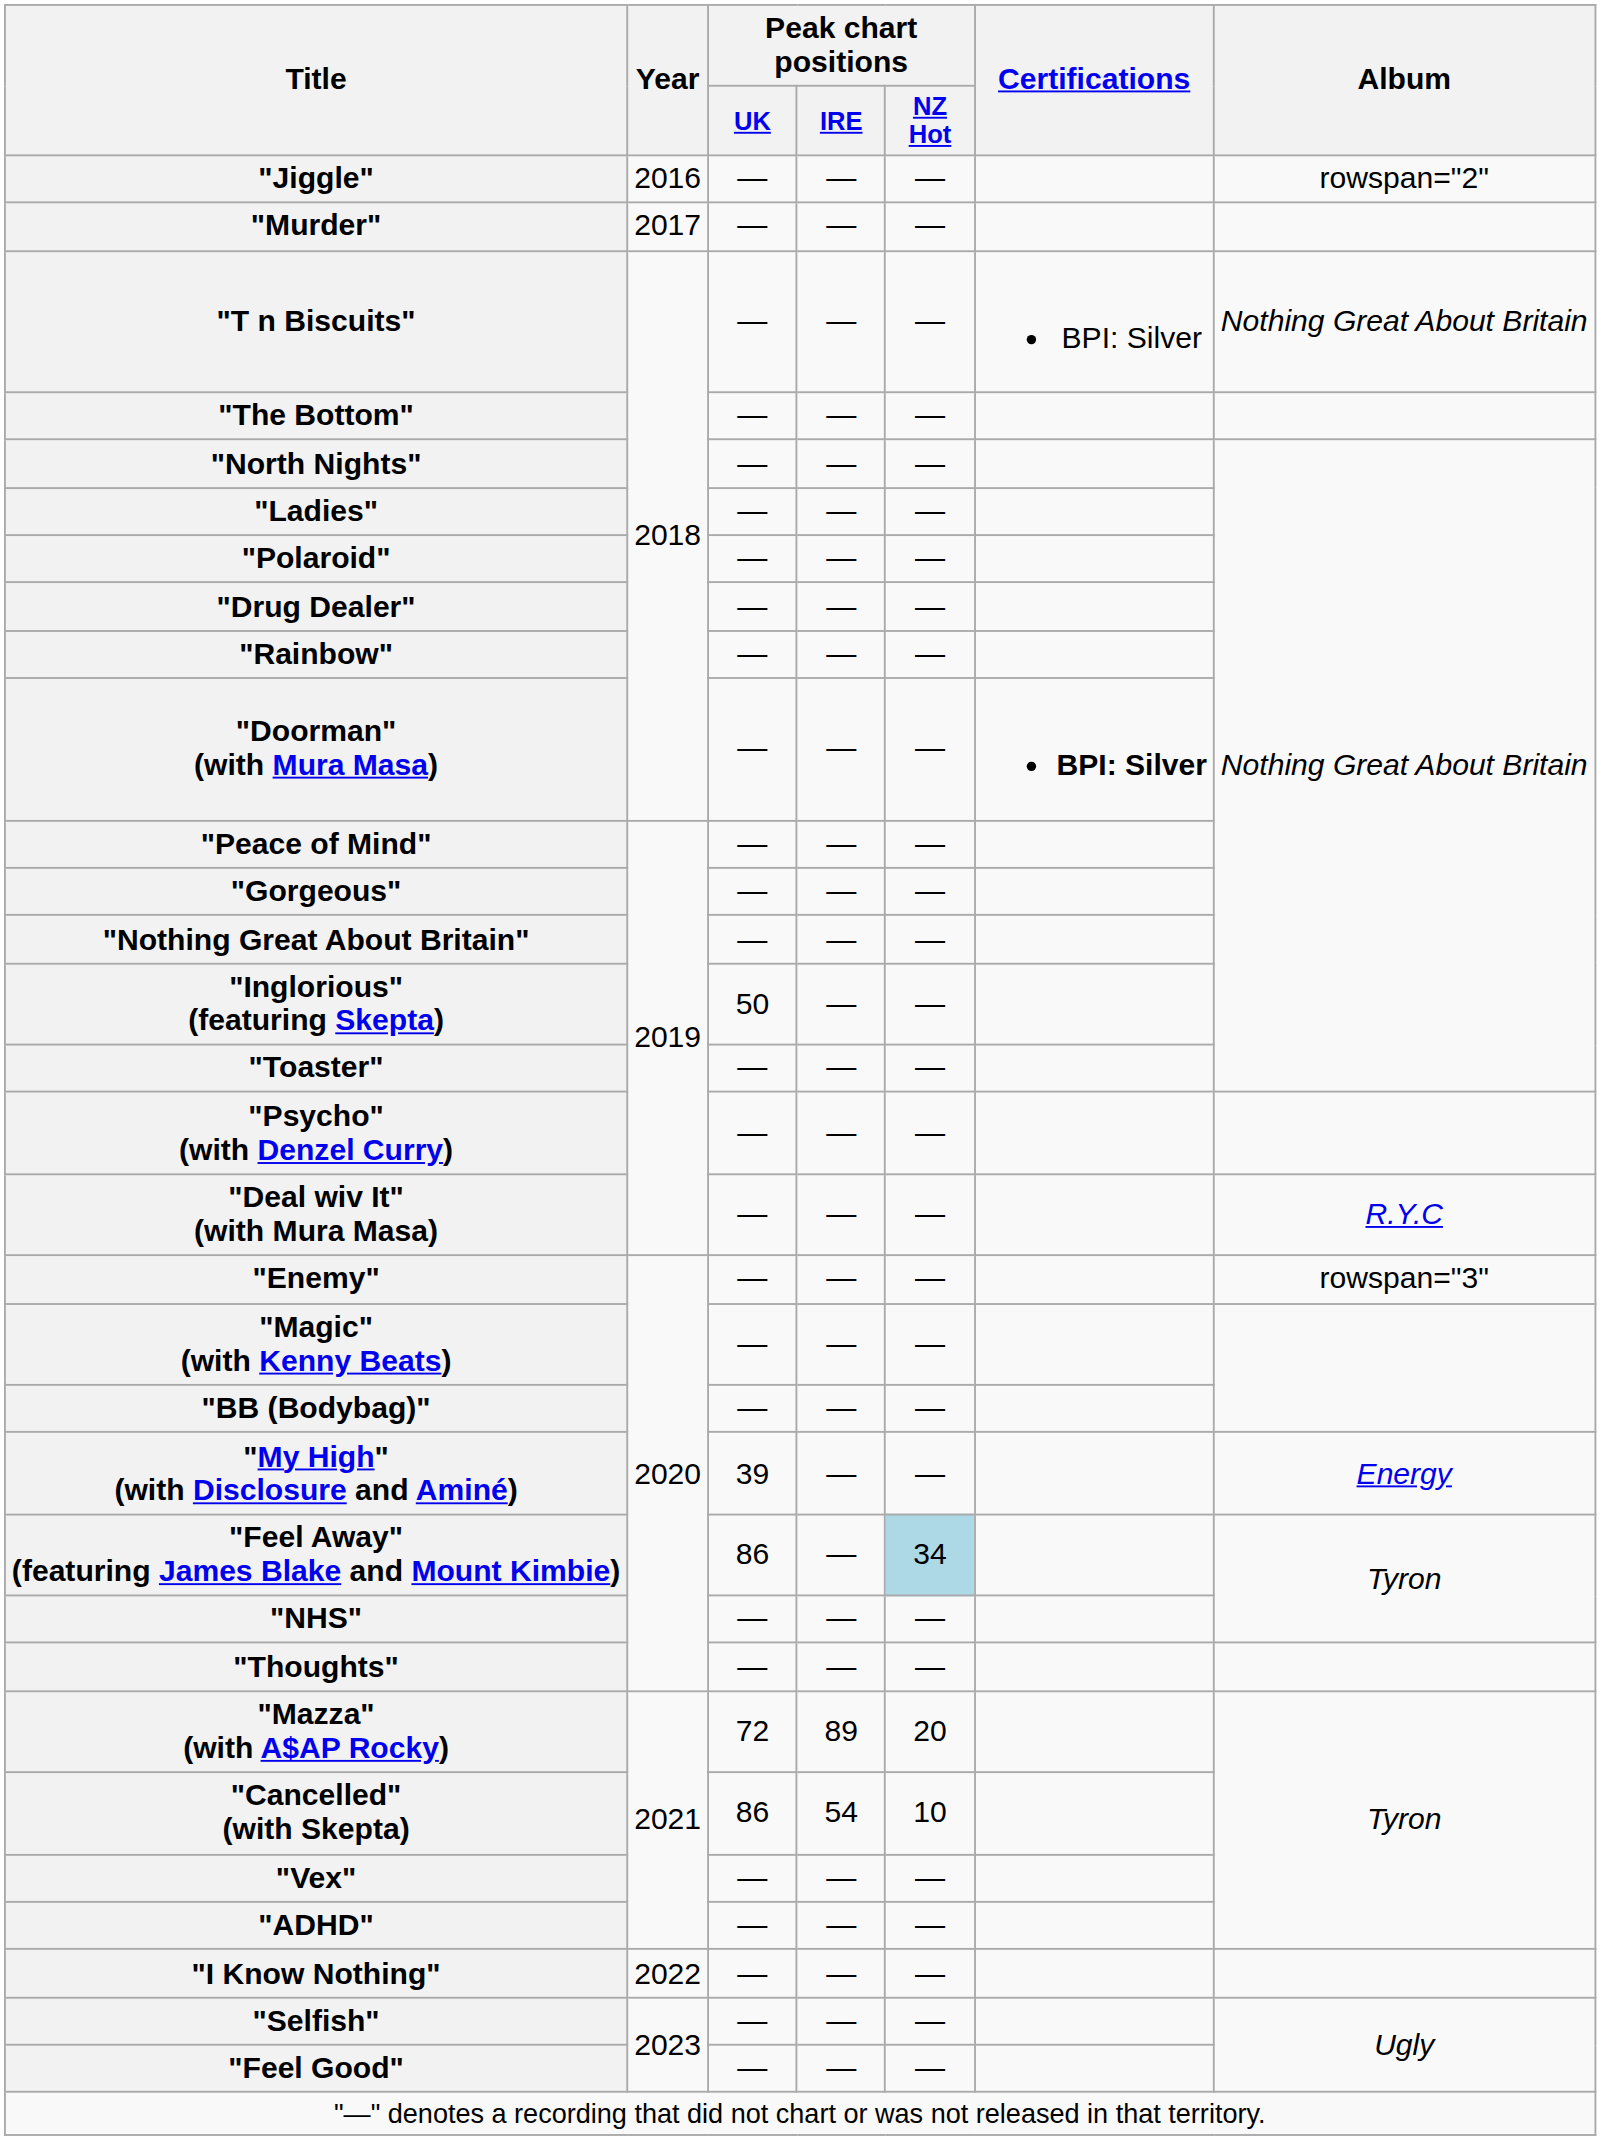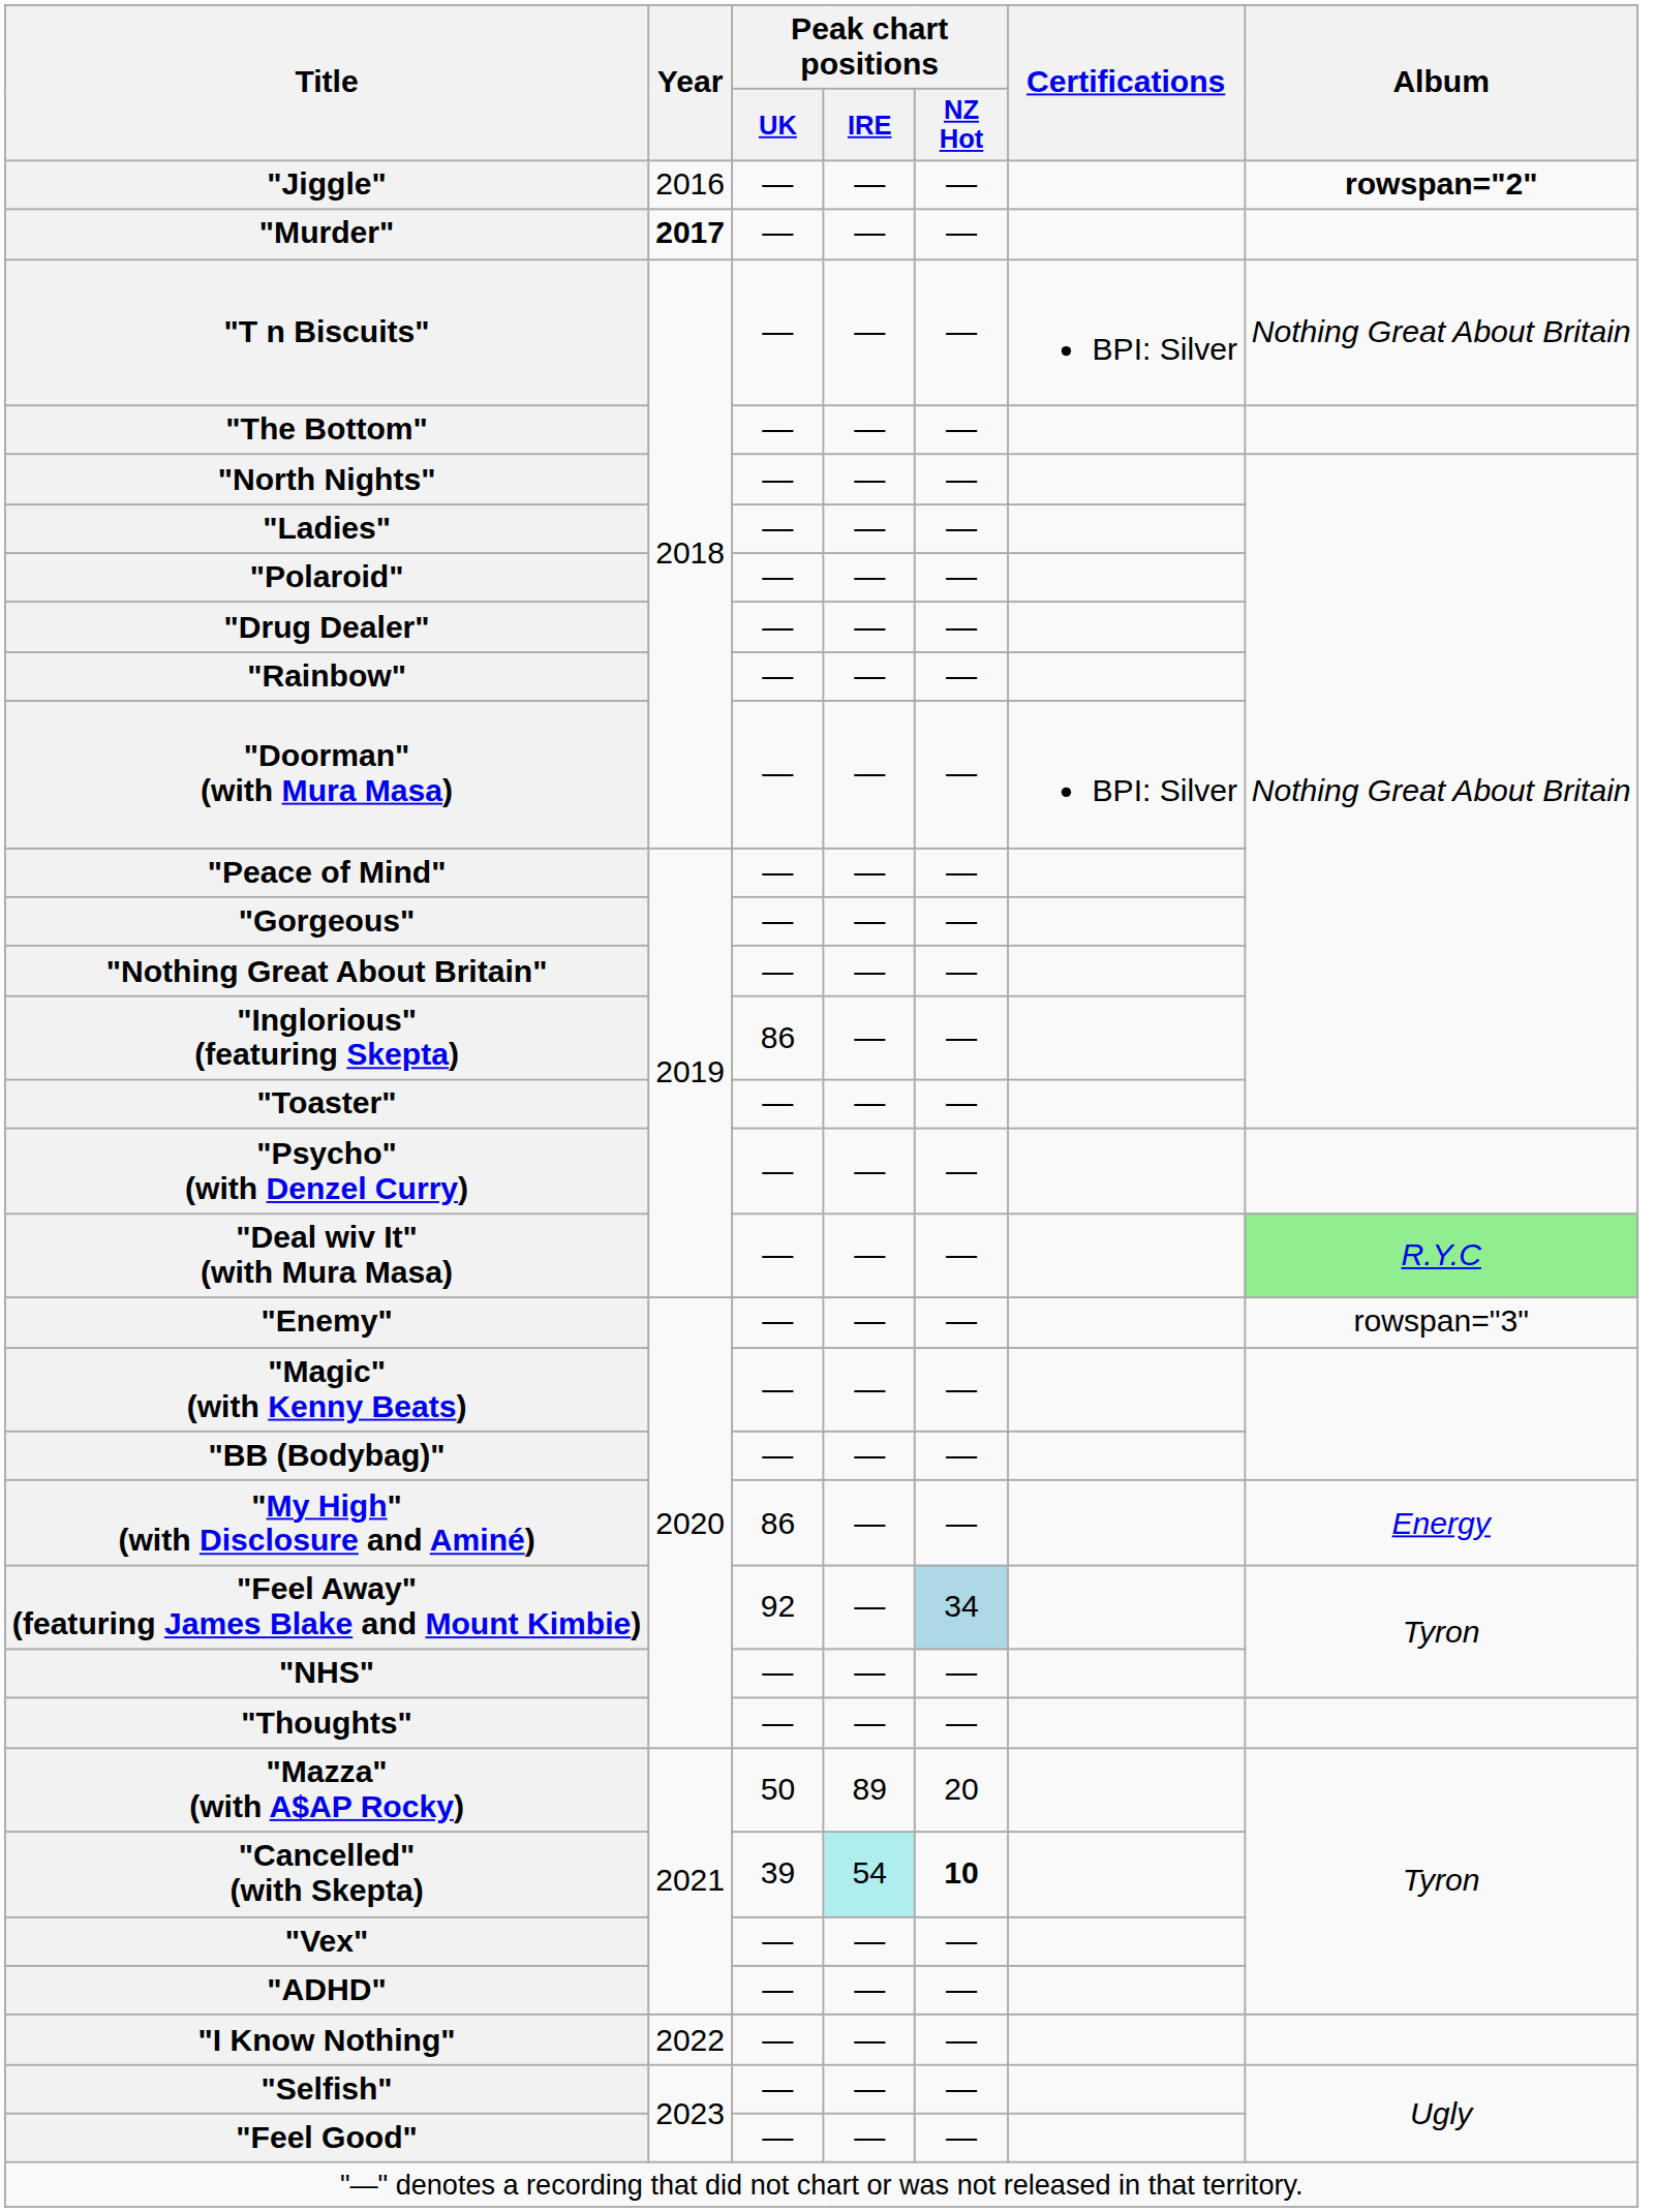 <table class="wikitable plainrowheaders" style="text-align:center;">
 <tr>
 <th scope="col" rowspan="2">Title</th>
 <th scope="col" rowspan="2">Year</th>
 <th scope="col" colspan="3">Peak chart positions</th>
 <th scope="col" rowspan="2"><a href='#'>Certifications</a></th>
 <th scope="col" rowspan="2">Album</th>
 </tr>
 <tr>
 <th scope="col" style="width:3em;font-size:85%;"><a href='#'>UK</a><br></th>
 <th scope="col" style="width:3em;font-size:85%;"><a href='#'>IRE</a><br></th>
 <th scope="col" style="width:3em;font-size:85%;"><a href='#'>NZ<br>Hot</a><br></th>
 </tr>
 <tr>
 <th scope="row">"Jiggle"</th>
 <td>2016</td>
 <td>—</td>
 <td>—</td>
 <td>—</td>
 <td></td>
-<td>rowspan="2" </td>
+<td><strong>rowspan="2" </strong></td>
 </tr>
 <tr>
 <th scope="row">"Murder"</th>
-<td>2017</td>
+<td><strong>2017</strong></td>
 <td>—</td>
 <td>—</td>
 <td>—</td>
 <td></td>
 </tr>
 <tr>
 <th scope="row">"T n Biscuits"</th>
 <td rowspan="8">2018</td>
 <td>—</td>
 <td>—</td>
 <td>—</td>
 <td><br><ul><li>BPI: Silver</li></ul></td>
 <td><em>Nothing Great About Britain</em></td>
 </tr>
 <tr>
 <th scope="row">"The Bottom"</th>
 <td>—</td>
 <td>—</td>
 <td>—</td>
 <td></td>
 <td></td>
 </tr>
 <tr>
 <th scope="row">"North Nights"</th>
 <td>—</td>
 <td>—</td>
 <td>—</td>
 <td></td>
 <td rowspan="11"><em>Nothing Great About Britain</em></td>
 </tr>
 <tr>
 <th scope="row">"Ladies"</th>
 <td>—</td>
 <td>—</td>
 <td>—</td>
 <td></td>
 </tr>
 <tr>
 <th scope="row">"Polaroid"</th>
 <td>—</td>
 <td>—</td>
 <td>—</td>
 <td></td>
 </tr>
 <tr>
 <th scope="row">"Drug Dealer"</th>
 <td>—</td>
 <td>—</td>
 <td>—</td>
 <td></td>
 </tr>
 <tr>
 <th scope="row">"Rainbow"</th>
 <td>—</td>
 <td>—</td>
 <td>—</td>
 <td></td>
 </tr>
 <tr>
 <th scope="row">"Doorman"<br><span>(with <a href='#'>Mura Masa</a>)</span></th>
 <td>—</td>
 <td>—</td>
 <td>—</td>
-<td><strong><br><ul><li>BPI: Silver</li></ul></strong></td>
+<td><br><ul><li>BPI: Silver</li></ul></td>
 </tr>
 <tr>
 <th scope="row">"Peace of Mind"</th>
 <td rowspan="7">2019</td>
 <td>—</td>
 <td>—</td>
 <td>—</td>
 <td></td>
 </tr>
 <tr>
 <th scope="row">"Gorgeous"</th>
 <td>—</td>
 <td>—</td>
 <td>—</td>
 <td></td>
 </tr>
 <tr>
 <th scope="row">"Nothing Great About Britain"</th>
 <td>—</td>
 <td>—</td>
 <td>—</td>
 <td></td>
 </tr>
 <tr>
 <th scope="row">"Inglorious"<br><span>(featuring <a href='#'>Skepta</a>)</span></th>
-<td>50</td>
+<td>86</td>
 <td>—</td>
 <td>—</td>
 <td></td>
 </tr>
 <tr>
 <th scope="row">"Toaster"</th>
 <td>—</td>
 <td>—</td>
 <td>—</td>
 <td></td>
 </tr>
 <tr>
 <th scope="row">"Psycho"<br><span>(with <a href='#'>Denzel Curry</a>)</span></th>
 <td>—</td>
 <td>—</td>
 <td>—</td>
 <td></td>
 <td></td>
 </tr>
 <tr>
 <th scope="row">"Deal wiv It"<br><span>(with Mura Masa)</span></th>
 <td>—</td>
 <td>—</td>
 <td>—</td>
 <td></td>
-<td><em><a href='#'>R.Y.C</a></em></td>
+<td style="background: lightgreen;"><em><a href='#'>R.Y.C</a></em></td>
 </tr>
 <tr>
 <th scope="row">"Enemy"</th>
 <td rowspan="7">2020</td>
 <td>—</td>
 <td>—</td>
 <td>—</td>
 <td></td>
 <td>rowspan="3" </td>
 </tr>
 <tr>
 <th scope="row">"Magic"<br><span>(with <a href='#'>Kenny Beats</a>)</span></th>
 <td>—</td>
 <td>—</td>
 <td>—</td>
 <td></td>
 </tr>
 <tr>
 <th scope="row">"BB (Bodybag)"</th>
 <td>—</td>
 <td>—</td>
 <td>—</td>
 <td></td>
 </tr>
 <tr>
 <th scope="row">"<a href='#'>My High</a>"<br><span>(with <a href='#'>Disclosure</a> and <a href='#'>Aminé</a>)</span></th>
-<td>39</td>
+<td>86</td>
 <td>—</td>
 <td>—</td>
 <td></td>
 <td><em><a href='#'>Energy</a></em></td>
 </tr>
 <tr>
 <th scope="row">"Feel Away"<br><span>(featuring <a href='#'>James Blake</a> and <a href='#'>Mount Kimbie</a>)</span></th>
-<td>86</td>
+<td>92</td>
 <td>—</td>
 <td style="background: lightblue;">34</td>
 <td></td>
 <td rowspan="2"><em>Tyron</em></td>
 </tr>
 <tr>
 <th scope="row">"NHS"</th>
 <td>—</td>
 <td>—</td>
 <td>—</td>
 <td></td>
 </tr>
 <tr>
 <th scope="row">"Thoughts"</th>
 <td>—</td>
 <td>—</td>
 <td>—</td>
 <td></td>
 <td></td>
 </tr>
 <tr>
 <th scope="row">"Mazza"<br><span>(with <a href='#'>A$AP Rocky</a>)</span></th>
 <td rowspan="4">2021</td>
-<td>72</td>
+<td>50</td>
 <td>89</td>
 <td>20</td>
 <td></td>
 <td rowspan="4"><em>Tyron</em></td>
 </tr>
 <tr>
 <th scope="row">"Cancelled"<br><span>(with Skepta)</span></th>
-<td>86</td>
-<td>54</td>
-<td>10</td>
+<td>39</td>
+<td style="background: paleturquoise;">54</td>
+<td><strong>10</strong></td>
 <td></td>
 </tr>
 <tr>
 <th scope="row">"Vex"</th>
 <td>—</td>
 <td>—</td>
 <td>—</td>
 <td></td>
 </tr>
 <tr>
 <th scope="row">"ADHD"</th>
 <td>—</td>
 <td>—</td>
 <td>—</td>
 <td></td>
 </tr>
 <tr>
 <th scope="row">"I Know Nothing"</th>
 <td>2022</td>
 <td>—</td>
 <td>—</td>
 <td>—</td>
 <td></td>
 <td></td>
 </tr>
 <tr>
 <th scope="row">"Selfish"</th>
 <td rowspan="2">2023</td>
 <td>—</td>
 <td>—</td>
 <td>—</td>
 <td></td>
 <td rowspan="2"><em>Ugly</em></td>
 </tr>
 <tr>
 <th scope="row">"Feel Good"</th>
 <td>—</td>
 <td>—</td>
 <td>—</td>
 <td></td>
 </tr>
 <tr>
 <td colspan="7" style="font-size:90%">"—" denotes a recording that did not chart or was not released in that territory.</td>
 </tr>
 </table>
